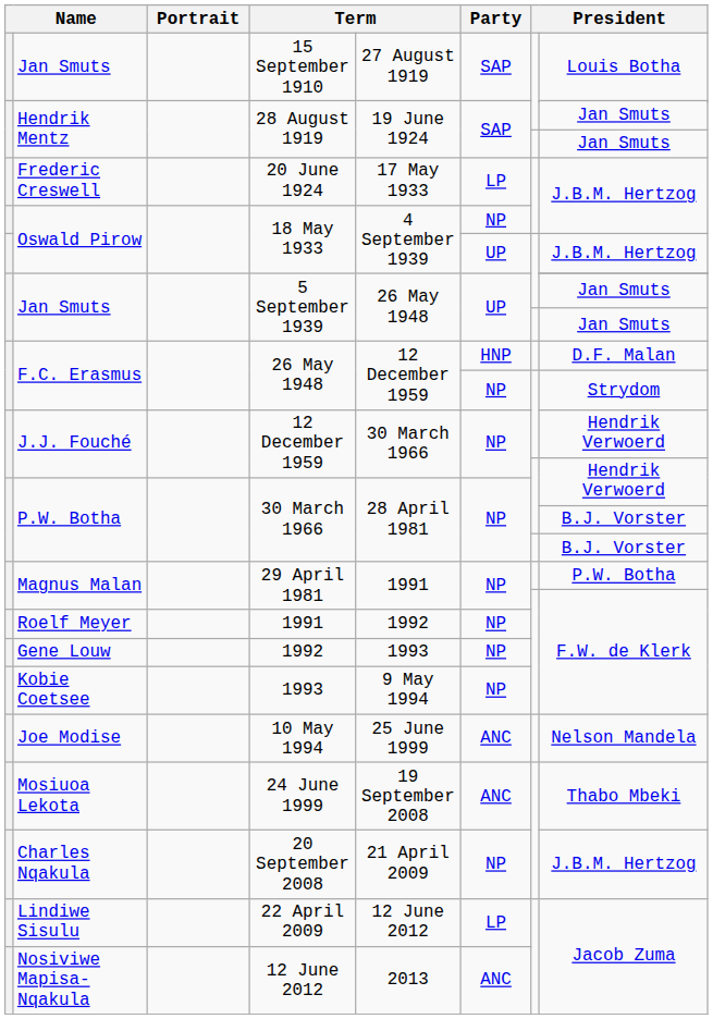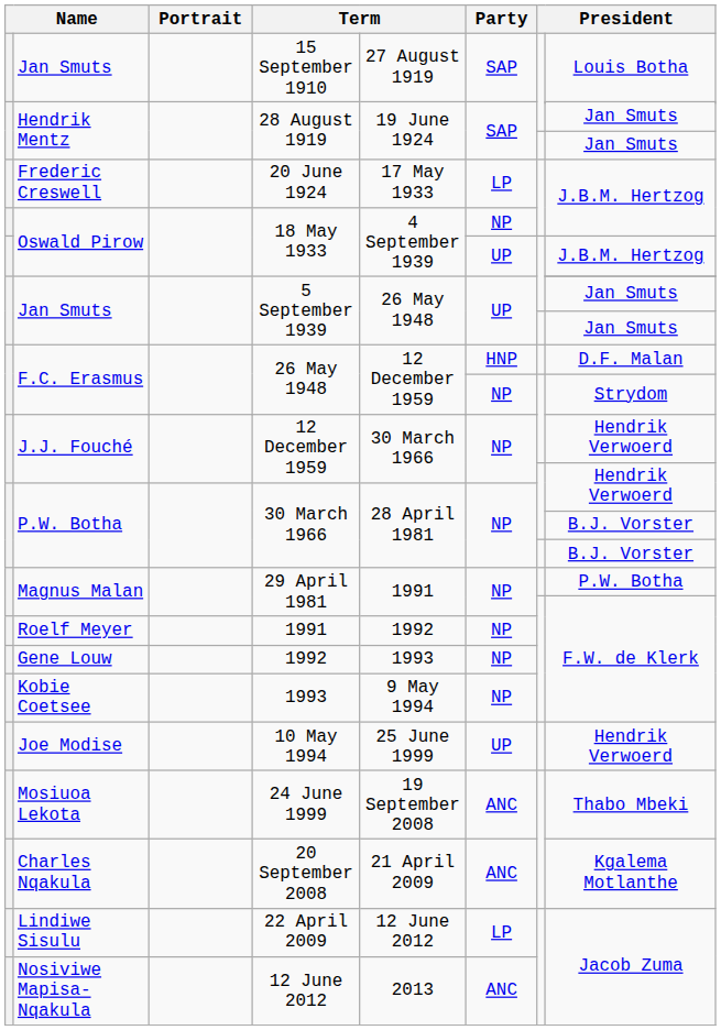 <table class="wikitable" width=60%>
 <tr>
 <th colspan=2 width=20%>Name</th>
 <th width=75>Portrait</th>
 <th colspan=2 width=30%>Term</th>
 <th width=10%>Party</th>
 <th colspan=2 width=25%>President<br> </th>
 </tr>
 <tr style="text-align:center">
 <th style="width:1%;background-color: "></th>
 <td align=left><a href='#'>Jan Smuts</a></td>
 <td></td>
 <td>15 September 1910</td>
 <td>27 August 1919</td>
 <td><a href='#'>SAP</a></td>
 <td rowspan=3 style="width:1%;background-color: "></td>
 <td rowspan=2><a href='#'>Louis Botha</a><br></td>
 </tr>
 <tr style="text-align:center">
 <th rowspan=3 style="width:1%;background-color: "></th>
 <td rowspan=3 align=left><a href='#'>Hendrik Mentz</a></td>
 <td rowspan=3 align=center></td>
 <td rowspan=3>28 August 1919</td>
 <td rowspan=3>19 June 1924</td>
 <td rowspan=3><a href='#'>SAP</a></td>
 </tr>
 <tr style="text-align:center">
 <td><a href='#'>Jan Smuts</a><br></td>
 </tr>
 <tr style="text-align:center">
 <td style="width:1%;background-color: "></td>
 <td><a href='#'>Jan Smuts</a> <br></td>
 </tr>
 <tr style="text-align:center">
 <th style="width:1%;background-color: "></th>
 <td align=left><a href='#'>Frederic Creswell</a></td>
 <td></td>
 <td>20 June 1924</td>
 <td>17 May 1933</td>
 <td><a href='#'>LP</a></td>
 <td rowspan=2 style="width:1%;background-color: "></td>
 <td rowspan=2><a href='#'>J.B.M. Hertzog</a><br> </td>
 </tr>
 <tr style="text-align:center">
 <th style="width:1%;background-color: "></th>
 <td rowspan=2 align=left><a href='#'>Oswald Pirow</a></td>
 <td rowspan=2></td>
 <td rowspan=2>18 May 1933</td>
 <td rowspan=2>4 September 1939</td>
 <td><a href='#'>NP</a></td>
 </tr>
 <tr style="text-align:center">
 <th style="width:1%;background-color: "></th>
 <td><a href='#'>UP</a></td>
 <td rowspan=3 style="width:1%;background-color: "></td>
 <td><a href='#'>J.B.M. Hertzog</a><br> </td>
 </tr>
 <tr style="text-align:center">
 <th rowspan=3 style="width:1%;background-color: "></th>
 <td rowspan=3 align=left><a href='#'>Jan Smuts</a></td>
 <td rowspan=3></td>
 <td rowspan=3>5 September 1939</td>
 <td rowspan=3>26 May 1948</td>
 <td rowspan=3><a href='#'>UP</a></td>
 </tr>
 <tr style="text-align:center">
 <td><a href='#'>Jan Smuts</a><br></td>
 </tr>
 <tr style="text-align:center">
 <td style="width:1%;background-color: "></td>
 <td><a href='#'>Jan Smuts</a><br> </td>
 </tr>
 <tr style="text-align:center">
 <th rowspan=2 style="width:1%;background-color: "></th>
 <td rowspan=2 align=left><a href='#'>F.C. Erasmus</a></td>
 <td rowspan=2></td>
 <td rowspan=2>26 May 1948</td>
 <td rowspan=2>12 December 1959</td>
 <td><a href='#'>HNP</a></td>
 <td style="width:1%;background-color: "></td>
 <td><a href='#'>D.F. Malan</a><br> </td>
 </tr>
 <tr style="text-align:center">
 <td><a href='#'>NP</a></td>
 <td rowspan=3 style="width:1%;background-color: "></td>
 <td rowspan=2><a href='#'>Strydom</a><br> </td>
 </tr>
 <tr style="text-align:center">
 <th rowspan=3 style="width:1%;background-color: "></th>
 <td rowspan=3 align=left><a href='#'>J.J. Fouché</a></td>
 <td rowspan=3></td>
 <td rowspan=3>12 December 1959</td>
 <td rowspan=3>30 March 1966</td>
 <td rowspan=3><a href='#'>NP</a></td>
 </tr>
 <tr style="text-align:center">
 <td><a href='#'>Hendrik Verwoerd</a><br> </td>
 </tr>
 <tr style="text-align:center">
 <td rowspan=3 style="width:1%;background-color: "></td>
 <td rowspan=2><a href='#'>Hendrik Verwoerd</a><br> </td>
 </tr>
 <tr style="text-align:center">
 <th rowspan=3 style="width:1%;background-color: "></th>
 <td rowspan=3 align=left><a href='#'>P.W. Botha</a></td>
 <td rowspan=3></td>
 <td rowspan=3>30 March 1966</td>
 <td rowspan=3>28 April 1981</td>
 <td rowspan=3><a href='#'>NP</a></td>
 </tr>
 <tr style="text-align:center">
 <td><a href='#'>B.J. Vorster</a><br> </td>
 </tr>
 <tr style="text-align:center">
 <td style="width:1%;background-color: "></td>
 <td><a href='#'>B.J. Vorster</a><br> </td>
 </tr>
 <tr style="text-align:center">
 <th rowspan=2 style="width:1%;background-color: "></th>
 <td rowspan=2 align=left><a href='#'>Magnus Malan</a></td>
 <td rowspan=2></td>
 <td rowspan=2>29 April 1981</td>
 <td rowspan=2>1991</td>
 <td rowspan=2><a href='#'>NP</a></td>
 <td style="width:1%;background-color: "></td>
 <td><a href='#'>P.W. Botha</a><br> </td>
 </tr>
 <tr style="text-align:center">
 <td rowspan=4 style="width:1%;background-color: "></td>
 <td rowspan=4><a href='#'>F.W. de Klerk</a><br> </td>
 </tr>
 <tr style="text-align:center">
 <th style="width:1%;background-color: "></th>
 <td align=left><a href='#'>Roelf Meyer</a></td>
 <td></td>
 <td>1991</td>
 <td>1992</td>
 <td><a href='#'>NP</a></td>
 </tr>
 <tr style="text-align:center">
 <th style="width:1%;background-color: "></th>
 <td align=left><a href='#'>Gene Louw</a></td>
 <td></td>
 <td>1992</td>
 <td>1993</td>
 <td><a href='#'>NP</a></td>
 </tr>
 <tr style="text-align:center">
 <th style="width:1%;background-color: "></th>
 <td align=left><a href='#'>Kobie Coetsee</a></td>
 <td></td>
 <td>1993</td>
 <td>9 May 1994</td>
 <td><a href='#'>NP</a></td>
 </tr>
 <tr style="text-align:center">
 <th style="width:1%;background-color: "></th>
 <td align=left><a href='#'>Joe Modise</a></td>
 <td></td>
 <td>10 May 1994</td>
 <td>25 June 1999</td>
-<td><a href='#'>ANC</a></td>
+<td><a href='#'>UP</a></td>
 <td style="width:1%;background-color: "></td>
-<td><a href='#'>Nelson Mandela</a><br> </td>
+<td><a href='#'>Hendrik Verwoerd</a><br> </td>
 </tr>
 <tr style="text-align:center">
 <th style="width:1%;background-color: "></th>
 <td align=left><a href='#'>Mosiuoa Lekota</a></td>
 <td></td>
 <td>24 June 1999</td>
 <td>19 September 2008</td>
 <td><a href='#'>ANC</a></td>
 <td rowspan=2 style="width:1%;background-color: "></td>
 <td><a href='#'>Thabo Mbeki</a><br> </td>
 </tr>
 <tr style="text-align:center">
 <th style="width:1%;background-color: "></th>
 <td align=left><a href='#'>Charles Nqakula</a></td>
 <td></td>
 <td>20 September 2008</td>
 <td>21 April 2009</td>
-<td><a href='#'>NP</a></td>
-<td><a href='#'>J.B.M. Hertzog</a><br> </td>
+<td><a href='#'>ANC</a></td>
+<td><a href='#'>Kgalema Motlanthe</a><br> </td>
 </tr>
 <tr style="text-align:center">
 <th style="width:1%;background-color: "></th>
 <td align=left><a href='#'>Lindiwe Sisulu</a></td>
 <td></td>
 <td>22 April 2009</td>
 <td>12 June 2012</td>
 <td><a href='#'>LP</a></td>
 <td rowspan=2 style="width:1%;background-color: "></td>
 <td rowspan=2><a href='#'>Jacob Zuma</a><br> </td>
 </tr>
 <tr style="text-align:center">
 <th style="width:1%;background-color: "></th>
 <td align=left><a href='#'>Nosiviwe Mapisa-Nqakula</a></td>
 <td align=center></td>
 <td>12 June 2012</td>
 <td>2013</td>
 <td><a href='#'>ANC</a></td>
 </tr>
 <tr>
 </tr>
 </table>
